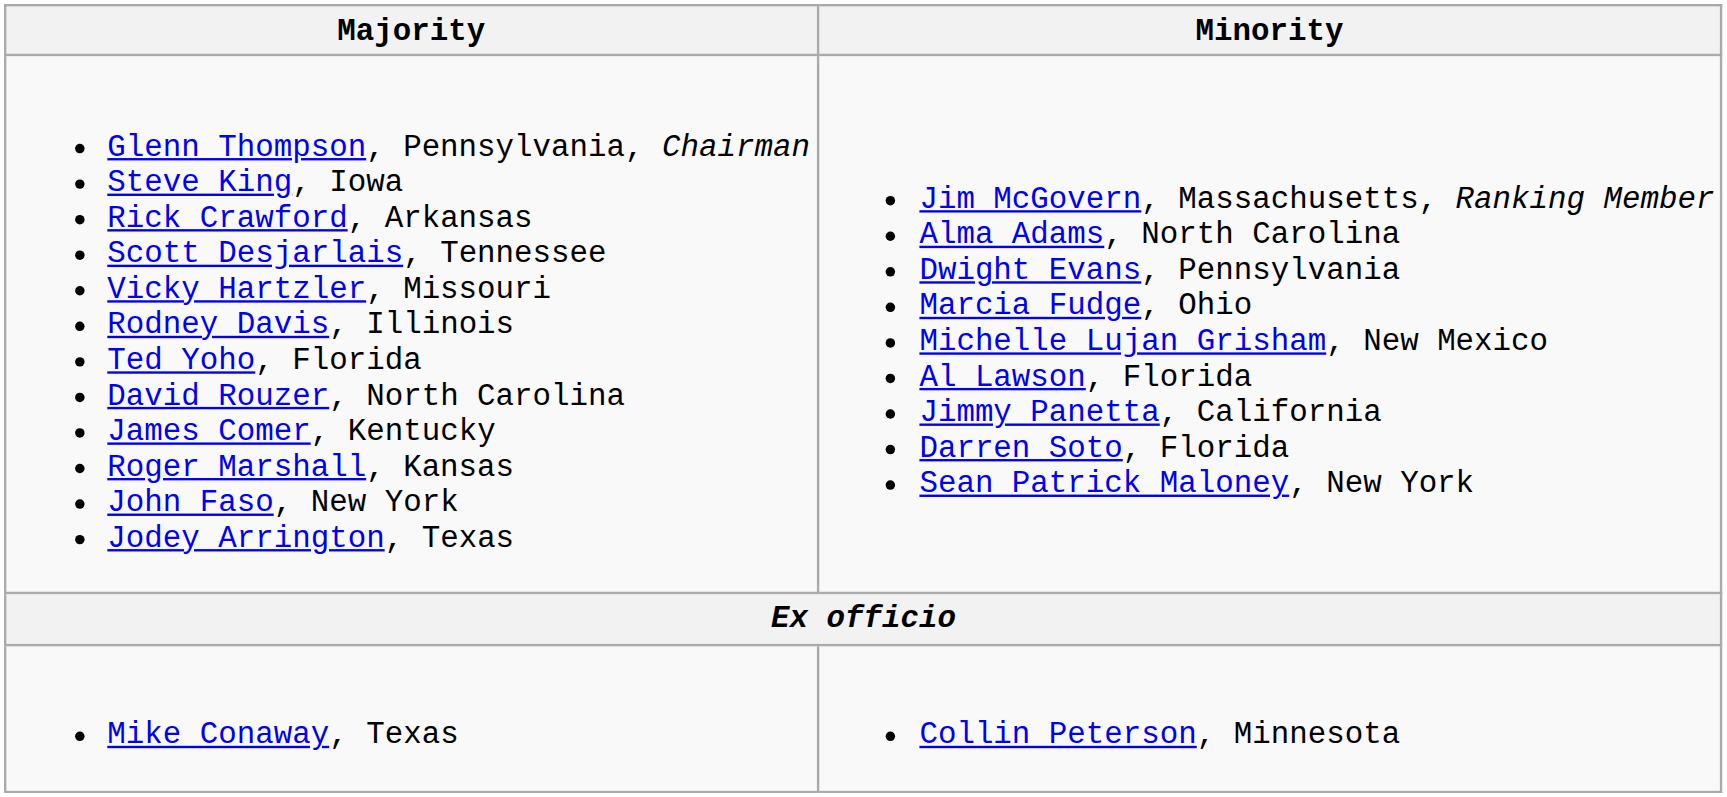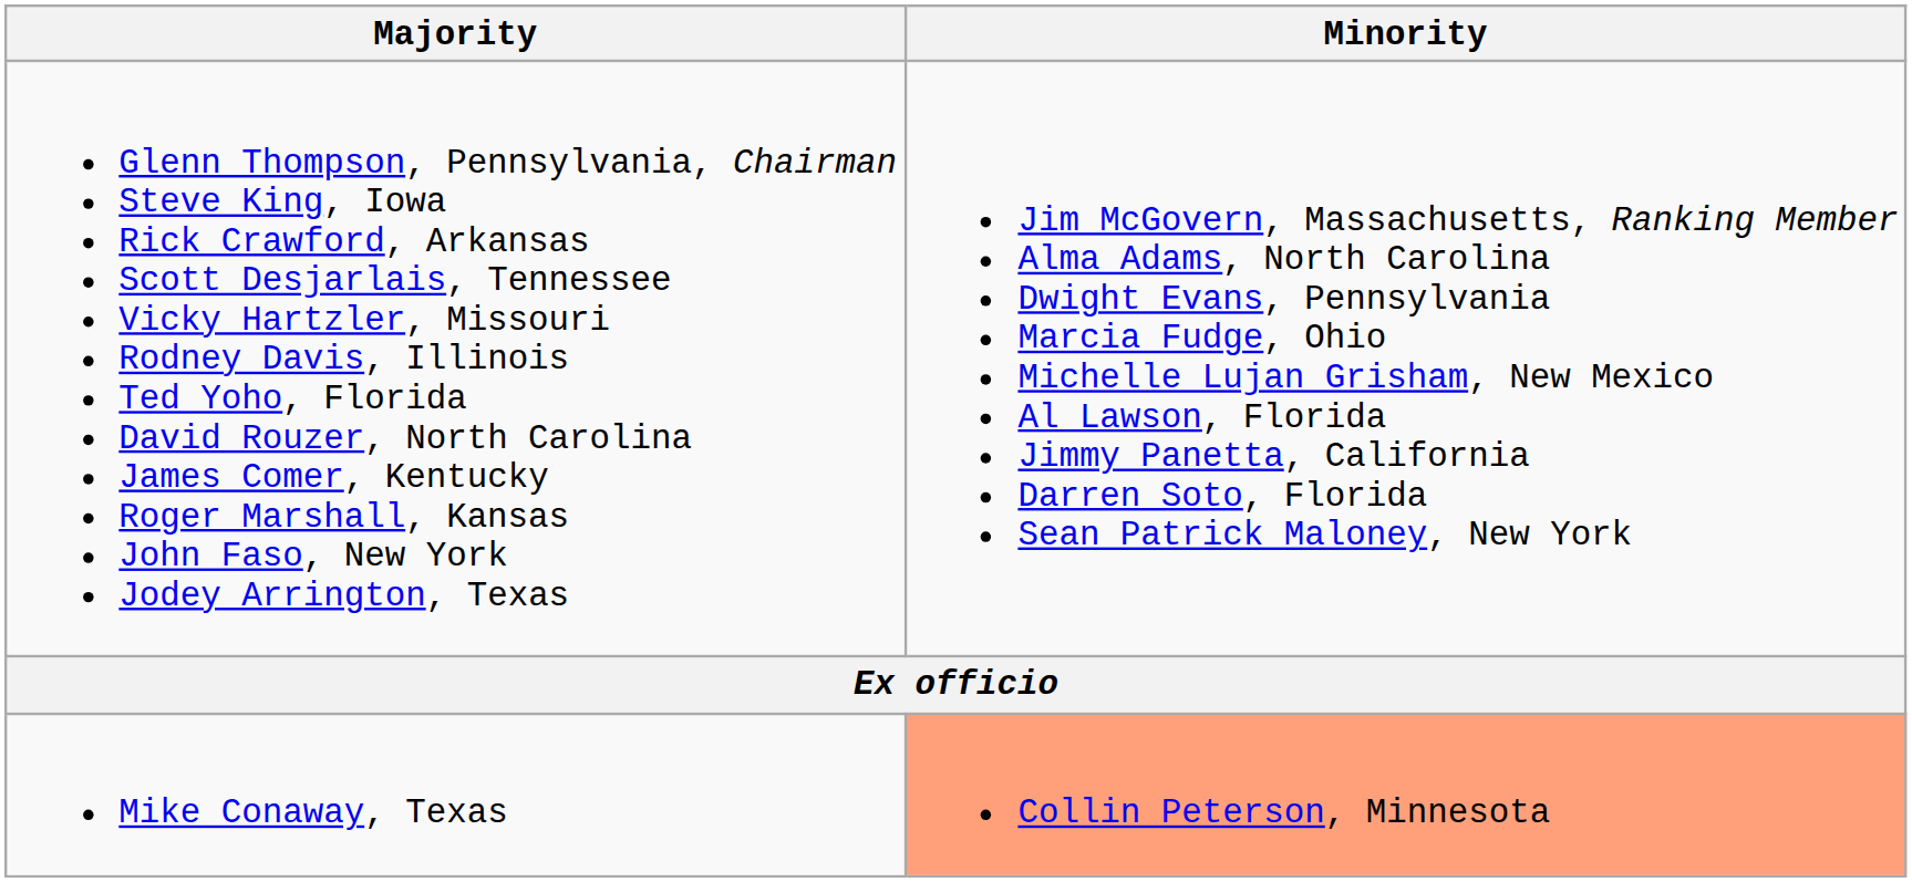 <table class=wikitable>
 <tr>
 <th>Majority</th>
 <th>Minority</th>
 </tr>
 <tr>
 <td><br><ul><li><a href='#'>Glenn Thompson</a>, Pennsylvania, <em>Chairman</em></li><li><a href='#'>Steve King</a>, Iowa</li><li><a href='#'>Rick Crawford</a>, Arkansas</li><li><a href='#'>Scott Desjarlais</a>, Tennessee</li><li><a href='#'>Vicky Hartzler</a>, Missouri</li><li><a href='#'>Rodney Davis</a>, Illinois</li><li><a href='#'>Ted Yoho</a>, Florida</li><li><a href='#'>David Rouzer</a>, North Carolina</li><li><a href='#'>James Comer</a>, Kentucky</li><li><a href='#'>Roger Marshall</a>, Kansas</li><li><a href='#'>John Faso</a>, New York</li><li><a href='#'>Jodey Arrington</a>, Texas</li></ul></td>
 <td><br><ul><li><a href='#'>Jim McGovern</a>, Massachusetts, <em>Ranking Member</em></li><li><a href='#'>Alma Adams</a>, North Carolina</li><li><a href='#'>Dwight Evans</a>, Pennsylvania</li><li><a href='#'>Marcia Fudge</a>, Ohio</li><li><a href='#'>Michelle Lujan Grisham</a>, New Mexico</li><li><a href='#'>Al Lawson</a>, Florida</li><li><a href='#'>Jimmy Panetta</a>, California</li><li><a href='#'>Darren Soto</a>, Florida</li><li><a href='#'>Sean Patrick Maloney</a>, New York</li></ul></td>
 </tr>
 <tr>
 <th colspan=2><em>Ex officio</em></th>
 </tr>
 <tr>
 <td><br><ul><li><a href='#'>Mike Conaway</a>, Texas</li></ul></td>
-<td><br><ul><li><a href='#'>Collin Peterson</a>, Minnesota</li></ul></td>
+<td style="background: lightsalmon;"><br><ul><li><a href='#'>Collin Peterson</a>, Minnesota</li></ul></td>
 </tr>
 </table>
